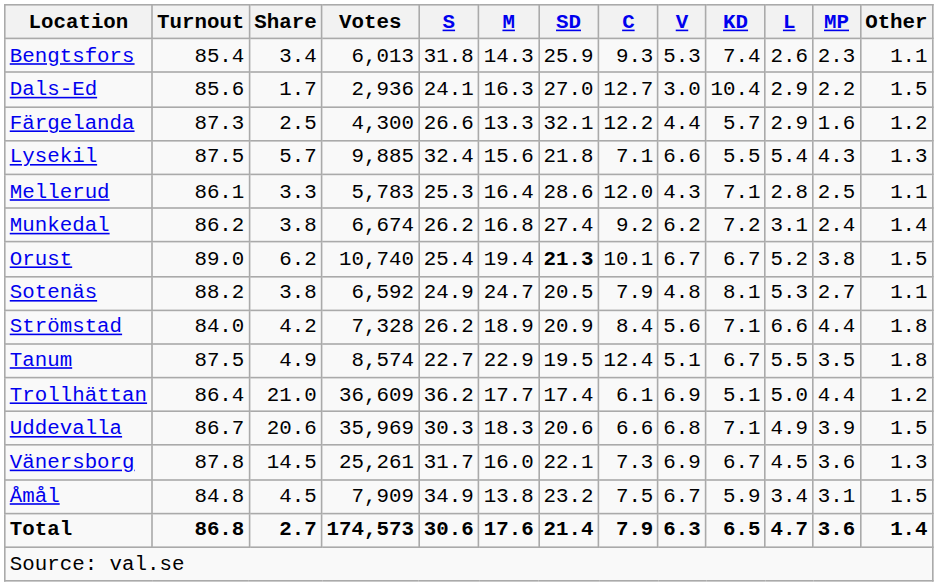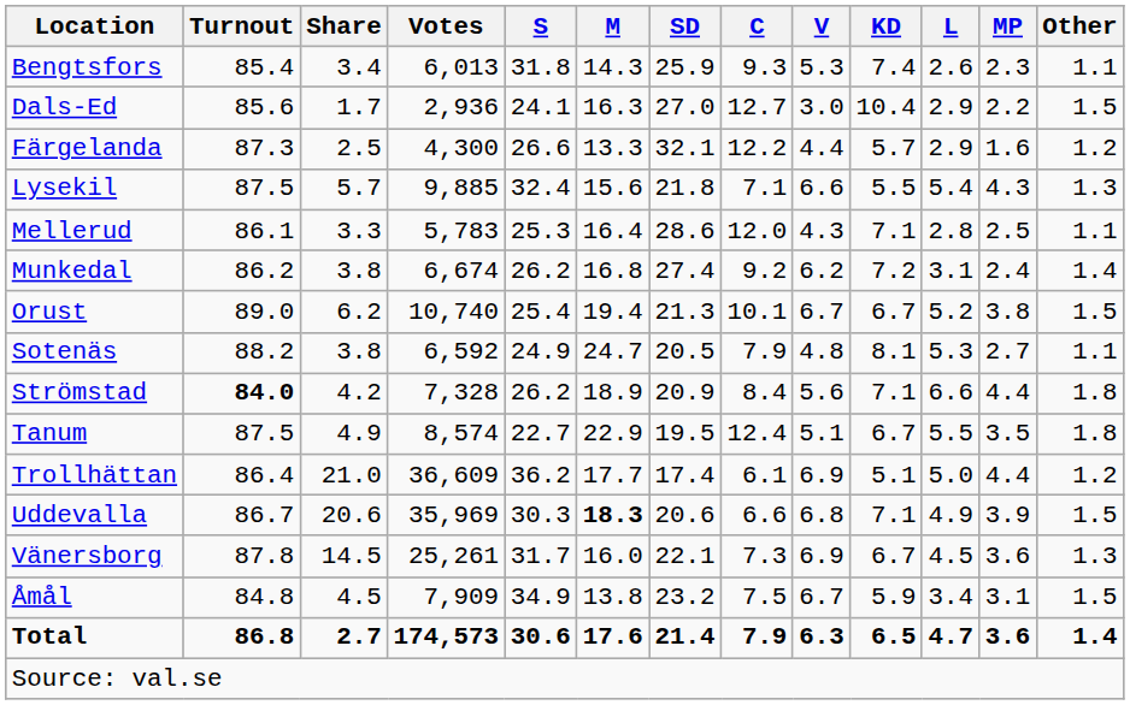 <table class="wikitable sortable" style=text-align:right>
 <tr>
 <th>Location</th>
 <th>Turnout</th>
 <th>Share</th>
 <th>Votes</th>
 <th><a href='#'>S</a></th>
 <th><a href='#'>M</a></th>
 <th><a href='#'>SD</a></th>
 <th><a href='#'>C</a></th>
 <th><a href='#'>V</a></th>
 <th><a href='#'>KD</a></th>
 <th><a href='#'>L</a></th>
 <th><a href='#'>MP</a></th>
 <th>Other</th>
 </tr>
 <tr>
 <td align=left><a href='#'>Bengtsfors</a></td>
 <td>85.4</td>
 <td>3.4</td>
 <td>6,013</td>
 <td>31.8</td>
 <td>14.3</td>
 <td>25.9</td>
 <td>9.3</td>
 <td>5.3</td>
 <td>7.4</td>
 <td>2.6</td>
 <td>2.3</td>
 <td>1.1</td>
 </tr>
 <tr>
 <td align=left><a href='#'>Dals-Ed</a></td>
 <td>85.6</td>
 <td>1.7</td>
 <td>2,936</td>
 <td>24.1</td>
 <td>16.3</td>
 <td>27.0</td>
 <td>12.7</td>
 <td>3.0</td>
 <td>10.4</td>
 <td>2.9</td>
 <td>2.2</td>
 <td>1.5</td>
 </tr>
 <tr>
 <td align=left><a href='#'>Färgelanda</a></td>
 <td>87.3</td>
 <td>2.5</td>
 <td>4,300</td>
 <td>26.6</td>
 <td>13.3</td>
 <td>32.1</td>
 <td>12.2</td>
 <td>4.4</td>
 <td>5.7</td>
 <td>2.9</td>
 <td>1.6</td>
 <td>1.2</td>
 </tr>
 <tr>
 <td align=left><a href='#'>Lysekil</a></td>
 <td>87.5</td>
 <td>5.7</td>
 <td>9,885</td>
 <td>32.4</td>
 <td>15.6</td>
 <td>21.8</td>
 <td>7.1</td>
 <td>6.6</td>
 <td>5.5</td>
 <td>5.4</td>
 <td>4.3</td>
 <td>1.3</td>
 </tr>
 <tr>
 <td align=left><a href='#'>Mellerud</a></td>
 <td>86.1</td>
 <td>3.3</td>
 <td>5,783</td>
 <td>25.3</td>
 <td>16.4</td>
 <td>28.6</td>
 <td>12.0</td>
 <td>4.3</td>
 <td>7.1</td>
 <td>2.8</td>
 <td>2.5</td>
 <td>1.1</td>
 </tr>
 <tr>
 <td align=left><a href='#'>Munkedal</a></td>
 <td>86.2</td>
 <td>3.8</td>
 <td>6,674</td>
 <td>26.2</td>
 <td>16.8</td>
 <td>27.4</td>
 <td>9.2</td>
 <td>6.2</td>
 <td>7.2</td>
 <td>3.1</td>
 <td>2.4</td>
 <td>1.4</td>
 </tr>
 <tr>
 <td align=left><a href='#'>Orust</a></td>
 <td>89.0</td>
 <td>6.2</td>
 <td>10,740</td>
 <td>25.4</td>
 <td>19.4</td>
-<td><strong>21.3</strong></td>
+<td>21.3</td>
 <td>10.1</td>
 <td>6.7</td>
 <td>6.7</td>
 <td>5.2</td>
 <td>3.8</td>
 <td>1.5</td>
 </tr>
 <tr>
 <td align=left><a href='#'>Sotenäs</a></td>
 <td>88.2</td>
 <td>3.8</td>
 <td>6,592</td>
 <td>24.9</td>
 <td>24.7</td>
 <td>20.5</td>
 <td>7.9</td>
 <td>4.8</td>
 <td>8.1</td>
 <td>5.3</td>
 <td>2.7</td>
 <td>1.1</td>
 </tr>
 <tr>
 <td align=left><a href='#'>Strömstad</a></td>
-<td>84.0</td>
+<td><strong>84.0</strong></td>
 <td>4.2</td>
 <td>7,328</td>
 <td>26.2</td>
 <td>18.9</td>
 <td>20.9</td>
 <td>8.4</td>
 <td>5.6</td>
 <td>7.1</td>
 <td>6.6</td>
 <td>4.4</td>
 <td>1.8</td>
 </tr>
 <tr>
 <td align=left><a href='#'>Tanum</a></td>
 <td>87.5</td>
 <td>4.9</td>
 <td>8,574</td>
 <td>22.7</td>
 <td>22.9</td>
 <td>19.5</td>
 <td>12.4</td>
 <td>5.1</td>
 <td>6.7</td>
 <td>5.5</td>
 <td>3.5</td>
 <td>1.8</td>
 </tr>
 <tr>
 <td align=left><a href='#'>Trollhättan</a></td>
 <td>86.4</td>
 <td>21.0</td>
 <td>36,609</td>
 <td>36.2</td>
 <td>17.7</td>
 <td>17.4</td>
 <td>6.1</td>
 <td>6.9</td>
 <td>5.1</td>
 <td>5.0</td>
 <td>4.4</td>
 <td>1.2</td>
 </tr>
 <tr>
 <td align=left><a href='#'>Uddevalla</a></td>
 <td>86.7</td>
 <td>20.6</td>
 <td>35,969</td>
 <td>30.3</td>
-<td>18.3</td>
+<td><strong>18.3</strong></td>
 <td>20.6</td>
 <td>6.6</td>
 <td>6.8</td>
 <td>7.1</td>
 <td>4.9</td>
 <td>3.9</td>
 <td>1.5</td>
 </tr>
 <tr>
 <td align=left><a href='#'>Vänersborg</a></td>
 <td>87.8</td>
 <td>14.5</td>
 <td>25,261</td>
 <td>31.7</td>
 <td>16.0</td>
 <td>22.1</td>
 <td>7.3</td>
 <td>6.9</td>
 <td>6.7</td>
 <td>4.5</td>
 <td>3.6</td>
 <td>1.3</td>
 </tr>
 <tr>
 <td align=left><a href='#'>Åmål</a></td>
 <td>84.8</td>
 <td>4.5</td>
 <td>7,909</td>
 <td>34.9</td>
 <td>13.8</td>
 <td>23.2</td>
 <td>7.5</td>
 <td>6.7</td>
 <td>5.9</td>
 <td>3.4</td>
 <td>3.1</td>
 <td>1.5</td>
 </tr>
 <tr>
 <td align=left><strong>Total</strong></td>
 <td><strong>86.8</strong></td>
 <td><strong>2.7</strong></td>
 <td><strong>174,573</strong></td>
 <td><strong>30.6</strong></td>
 <td><strong>17.6</strong></td>
 <td><strong>21.4</strong></td>
 <td><strong>7.9</strong></td>
 <td><strong>6.3</strong></td>
 <td><strong>6.5</strong></td>
 <td><strong>4.7</strong></td>
 <td><strong>3.6</strong></td>
 <td><strong>1.4</strong></td>
 </tr>
 <tr>
 <td align=left colspan=13>Source: val.se</td>
 </tr>
 </table>
